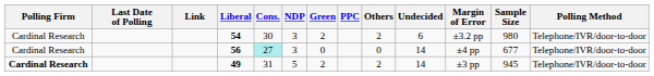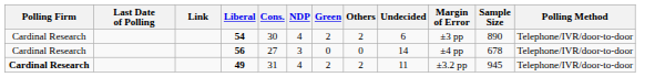 <table class="wikitable sortable" style="text-align:center;font-size:90%;line-height:14px;">
 <tr style="background:#e9e9e9;">
 <th style="width:120px">Polling Firm</th>
 <th style="width:110px">Last Date<br>of Polling</th>
 <th style="width:60px" class="unsortable">Link</th>
 <th style="background-color:"><a href='#'>Liberal</a></th>
 <th style="background-color:"><a href='#'>Cons.</a></th>
 <th style="background-color:"><a href='#'>NDP</a></th>
 <th style="background-color:"><a href='#'>Green</a></th>
-<th style="background-color:"><a href='#'><span>PPC</span></a></th>
 <th style="background-color:">Others</th>
 <th style="background-color:">Undecided</th>
 <th style="width:60px;" class=unsortable>Margin<br>of Error</th>
 <th style="width:50px;" class=unsortable>Sample<br>Size</th>
 <th class=unsortable>Polling Method</th>
 </tr>
 <tr>
 <td>Cardinal Research</td>
 <td></td>
 <td></td>
 <td><strong>54</strong></td>
 <td>30</td>
-<td>3</td>
+<td>4</td>
 <td>2</td>
-<td></td>
 <td>2</td>
 <td>6</td>
-<td>±3.2 pp</td>
-<td>980</td>
+<td>±3 pp</td>
+<td>890</td>
 <td>Telephone/IVR/door-to-door</td>
 </tr>
 <tr>
 <td>Cardinal Research</td>
 <td></td>
 <td></td>
 <td><strong>56</strong></td>
-<td style="background: paleturquoise;">27</td>
+<td>27</td>
 <td>3</td>
 <td>0</td>
-<td></td>
 <td>0</td>
 <td>14</td>
 <td>±4 pp</td>
-<td>677</td>
+<td>678</td>
 <td>Telephone/IVR/door-to-door</td>
 </tr>
 <tr>
 <td><strong>Cardinal Research</strong></td>
 <td></td>
 <td></td>
 <td><strong>49</strong></td>
 <td>31</td>
-<td>5</td>
+<td>4</td>
 <td>2</td>
-<td></td>
 <td>2</td>
-<td>14</td>
-<td>±3 pp</td>
+<td>11</td>
+<td>±3.2 pp</td>
 <td>945</td>
 <td>Telephone/IVR/door-to-door</td>
 </tr>
 </table>
